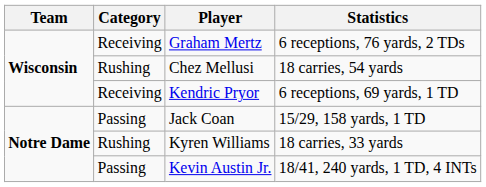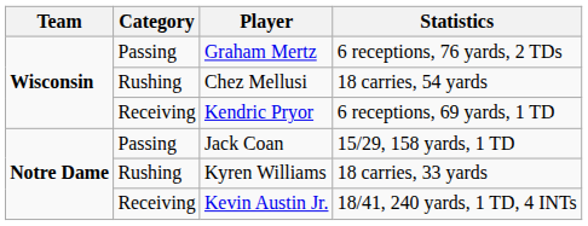 <table class="wikitable" style="float: left;">
 <tr>
 <th>Team</th>
 <th>Category</th>
 <th>Player</th>
 <th>Statistics</th>
 </tr>
 <tr>
 <td rowspan=3><strong>Wisconsin</strong></td>
-<td>Receiving</td>
+<td>Passing</td>
 <td><a href='#'>Graham Mertz</a></td>
 <td>6 receptions, 76 yards, 2 TDs</td>
 </tr>
 <tr>
 <td>Rushing</td>
 <td>Chez Mellusi</td>
 <td>18 carries, 54 yards</td>
 </tr>
 <tr>
 <td>Receiving</td>
 <td><a href='#'>Kendric Pryor</a></td>
 <td>6 receptions, 69 yards, 1 TD</td>
 </tr>
 <tr>
 <td rowspan=3><strong>Notre Dame</strong></td>
 <td>Passing</td>
 <td>Jack Coan</td>
 <td>15/29, 158 yards, 1 TD</td>
 </tr>
 <tr>
 <td>Rushing</td>
 <td>Kyren Williams</td>
 <td>18 carries, 33 yards</td>
 </tr>
 <tr>
-<td>Passing</td>
+<td>Receiving</td>
 <td><a href='#'>Kevin Austin Jr.</a></td>
 <td>18/41, 240 yards, 1 TD, 4 INTs</td>
 </tr>
 </table>
